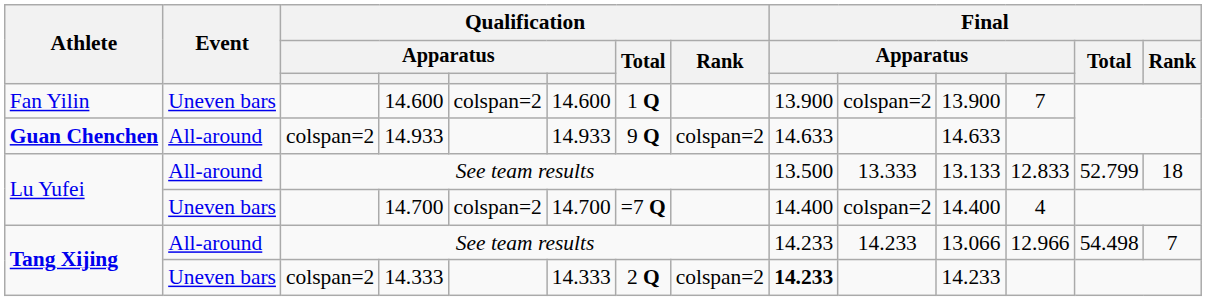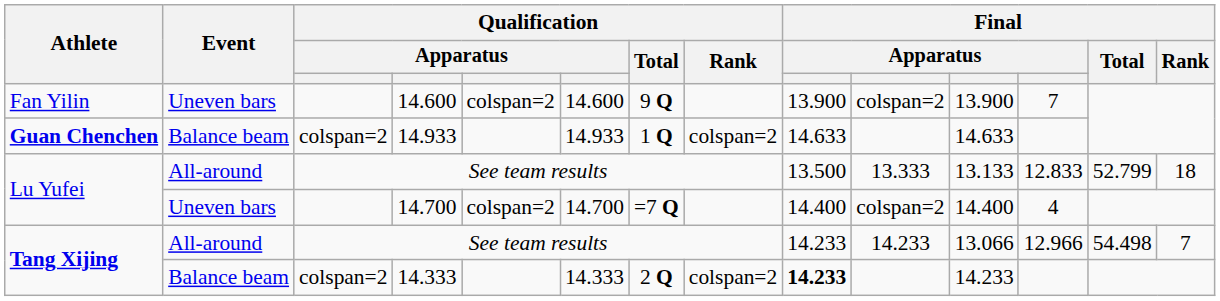 <table class="wikitable" style="font-size:90%">
 <tr>
 <th rowspan=3>Athlete</th>
 <th rowspan=3>Event</th>
 <th colspan=6>Qualification</th>
 <th colspan=6>Final</th>
 </tr>
 <tr style="font-size:95%">
 <th colspan=4>Apparatus</th>
 <th rowspan=2>Total</th>
 <th rowspan=2>Rank</th>
 <th colspan=4>Apparatus</th>
 <th rowspan=2>Total</th>
 <th rowspan=2>Rank</th>
 </tr>
 <tr style="font-size:95%">
 <th></th>
 <th></th>
 <th></th>
 <th></th>
 <th></th>
 <th></th>
 <th></th>
 <th></th>
 </tr>
 <tr align=center>
 <td align=left><a href='#'>Fan Yilin</a></td>
 <td align=left><a href='#'>Uneven bars</a></td>
 <td></td>
 <td>14.600</td>
 <td>colspan=2 </td>
 <td>14.600</td>
-<td>1 <strong>Q</strong></td>
+<td>9 <strong>Q</strong></td>
 <td></td>
 <td>13.900</td>
 <td>colspan=2 </td>
 <td>13.900</td>
 <td>7</td>
 </tr>
 <tr align=center>
 <td align=left><strong><a href='#'>Guan Chenchen</a></strong></td>
-<td align=left><a href='#'>All-around</a></td>
+<td align=left><a href='#'>Balance beam</a></td>
 <td>colspan=2 </td>
 <td>14.933</td>
 <td></td>
 <td>14.933</td>
-<td>9 <strong>Q</strong></td>
+<td>1 <strong>Q</strong></td>
 <td>colspan=2 </td>
 <td>14.633</td>
 <td></td>
 <td>14.633</td>
 <td></td>
 </tr>
 <tr align=center>
 <td rowspan=2 align=left><a href='#'>Lu Yufei</a></td>
 <td align=left><a href='#'>All-around</a></td>
 <td colspan=6><em>See team results</em></td>
 <td>13.500</td>
 <td>13.333</td>
 <td>13.133</td>
 <td>12.833</td>
 <td>52.799</td>
 <td>18</td>
 </tr>
 <tr align=center>
 <td align=left><a href='#'>Uneven bars</a></td>
 <td></td>
 <td>14.700</td>
 <td>colspan=2 </td>
 <td>14.700</td>
 <td>=7 <strong>Q</strong></td>
 <td></td>
 <td>14.400</td>
 <td>colspan=2 </td>
 <td>14.400</td>
 <td>4</td>
 </tr>
 <tr align=center>
 <td rowspan=2 align=left><strong><a href='#'>Tang Xijing</a></strong></td>
 <td align=left><a href='#'>All-around</a></td>
 <td colspan=6><em>See team results</em></td>
 <td>14.233</td>
 <td>14.233</td>
 <td>13.066</td>
 <td>12.966</td>
 <td>54.498</td>
 <td>7</td>
 </tr>
 <tr align=center>
-<td align=left><a href='#'>Uneven bars</a></td>
+<td align=left><a href='#'>Balance beam</a></td>
 <td>colspan=2 </td>
 <td>14.333</td>
 <td></td>
 <td>14.333</td>
 <td>2 <strong>Q</strong></td>
 <td>colspan=2 </td>
 <td><strong>14.233</strong></td>
 <td></td>
 <td>14.233</td>
 <td></td>
 </tr>
 </table>
